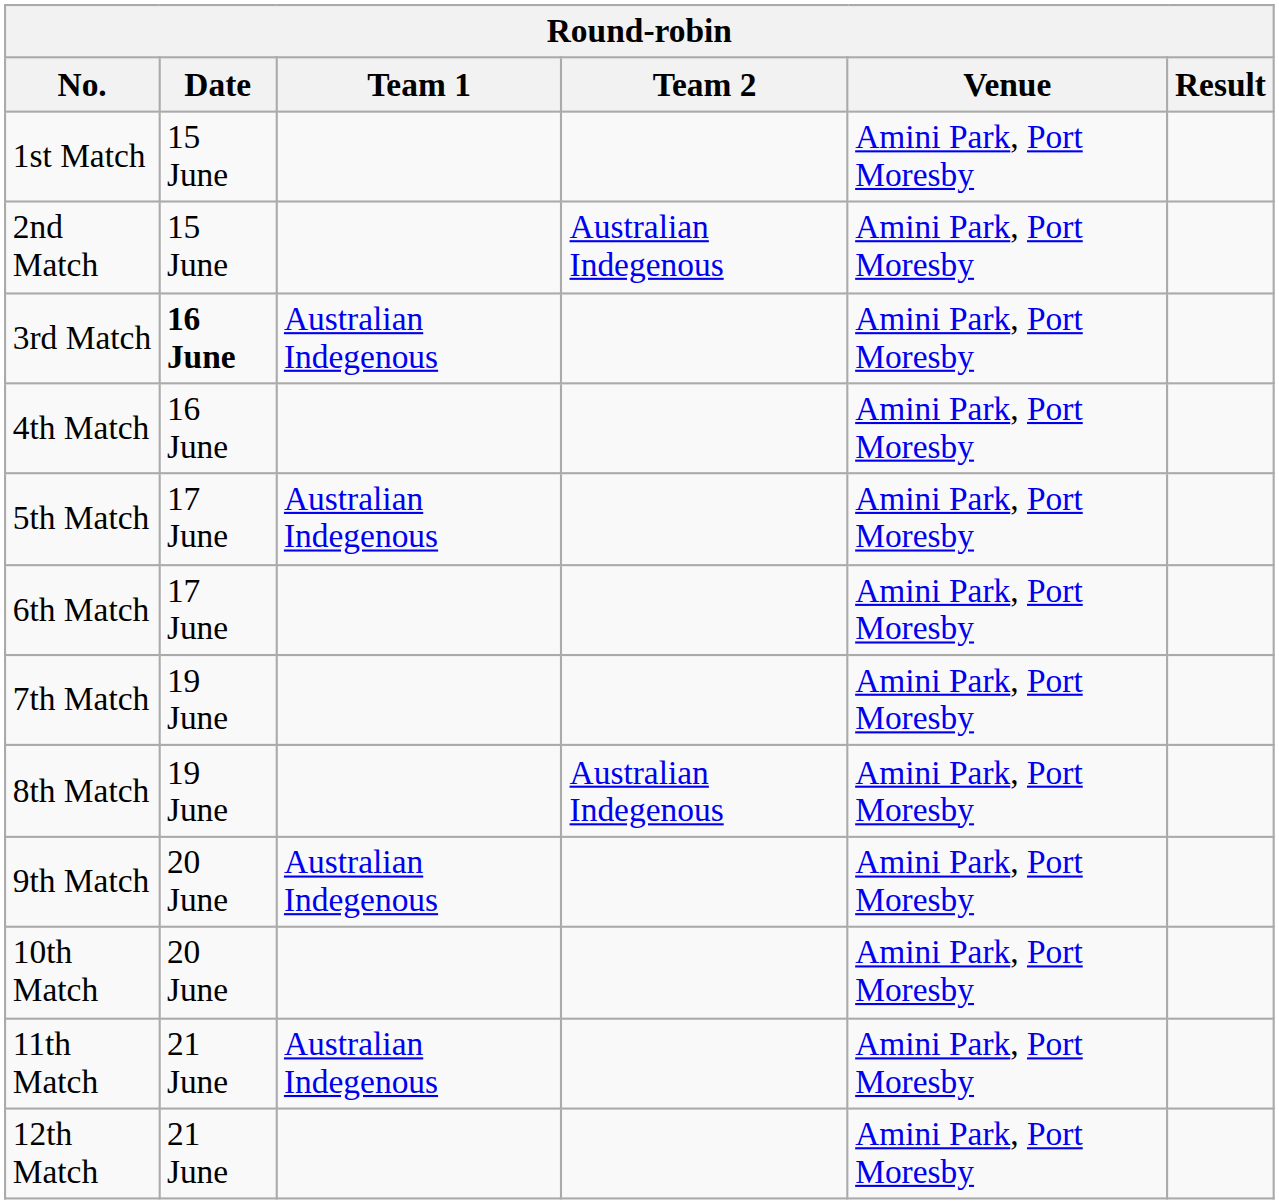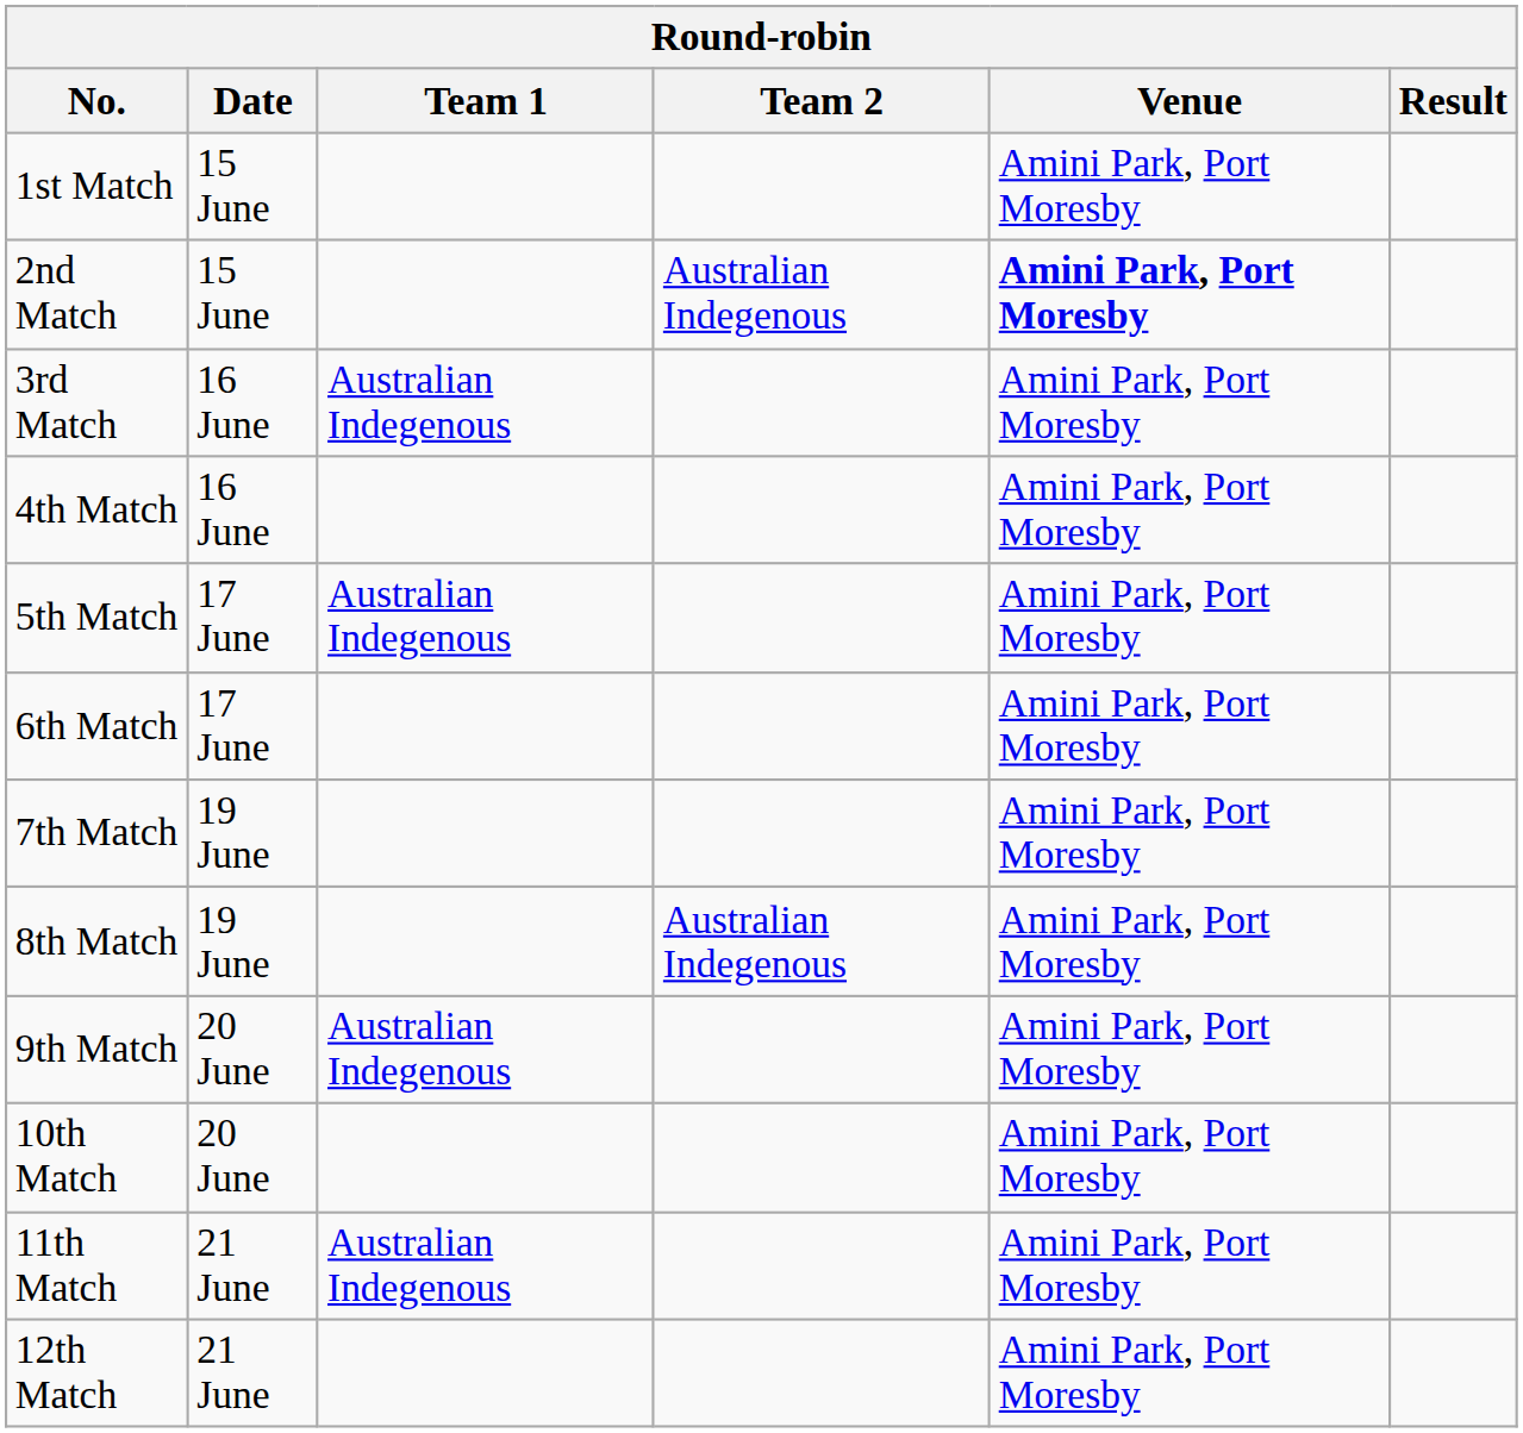 <table class="wikitable">
 <tr>
 <th colspan="6">Round-robin</th>
 </tr>
 <tr>
 <th>No.</th>
 <th>Date</th>
 <th>Team 1</th>
 <th>Team 2</th>
 <th>Venue</th>
 <th>Result</th>
 </tr>
 <tr>
 <td>1st Match</td>
 <td>15 June</td>
 <td></td>
 <td></td>
 <td><a href='#'>Amini Park</a>, <a href='#'>Port Moresby</a></td>
 <td></td>
 </tr>
 <tr>
 <td>2nd Match</td>
 <td>15 June</td>
 <td></td>
 <td> <a href='#'>Australian Indegenous</a></td>
-<td><a href='#'>Amini Park</a>, <a href='#'>Port Moresby</a></td>
+<td><strong><a href='#'>Amini Park</a>, <a href='#'>Port Moresby</a></strong></td>
 <td></td>
 </tr>
 <tr>
 <td>3rd Match</td>
-<td><strong>16 June</strong></td>
+<td>16 June</td>
 <td> <a href='#'>Australian Indegenous</a></td>
 <td></td>
 <td><a href='#'>Amini Park</a>, <a href='#'>Port Moresby</a></td>
 <td></td>
 </tr>
 <tr>
 <td>4th Match</td>
 <td>16 June</td>
 <td></td>
 <td></td>
 <td><a href='#'>Amini Park</a>, <a href='#'>Port Moresby</a></td>
 <td></td>
 </tr>
 <tr>
 <td>5th Match</td>
 <td>17 June</td>
 <td> <a href='#'>Australian Indegenous</a></td>
 <td></td>
 <td><a href='#'>Amini Park</a>, <a href='#'>Port Moresby</a></td>
 <td></td>
 </tr>
 <tr>
 <td>6th Match</td>
 <td>17 June</td>
 <td></td>
 <td></td>
 <td><a href='#'>Amini Park</a>, <a href='#'>Port Moresby</a></td>
 <td></td>
 </tr>
 <tr>
 <td>7th Match</td>
 <td>19 June</td>
 <td></td>
 <td></td>
 <td><a href='#'>Amini Park</a>, <a href='#'>Port Moresby</a></td>
 <td></td>
 </tr>
 <tr>
 <td>8th Match</td>
 <td>19 June</td>
 <td></td>
 <td> <a href='#'>Australian Indegenous</a></td>
 <td><a href='#'>Amini Park</a>, <a href='#'>Port Moresby</a></td>
 <td></td>
 </tr>
 <tr>
 <td>9th Match</td>
 <td>20 June</td>
 <td> <a href='#'>Australian Indegenous</a></td>
 <td></td>
 <td><a href='#'>Amini Park</a>, <a href='#'>Port Moresby</a></td>
 <td></td>
 </tr>
 <tr>
 <td>10th Match</td>
 <td>20 June</td>
 <td></td>
 <td></td>
 <td><a href='#'>Amini Park</a>, <a href='#'>Port Moresby</a></td>
 <td></td>
 </tr>
 <tr>
 <td>11th Match</td>
 <td>21 June</td>
 <td> <a href='#'>Australian Indegenous</a></td>
 <td></td>
 <td><a href='#'>Amini Park</a>, <a href='#'>Port Moresby</a></td>
 <td></td>
 </tr>
 <tr>
 <td>12th Match</td>
 <td>21 June</td>
 <td></td>
 <td></td>
 <td><a href='#'>Amini Park</a>, <a href='#'>Port Moresby</a></td>
 <td></td>
 </tr>
 </table>
